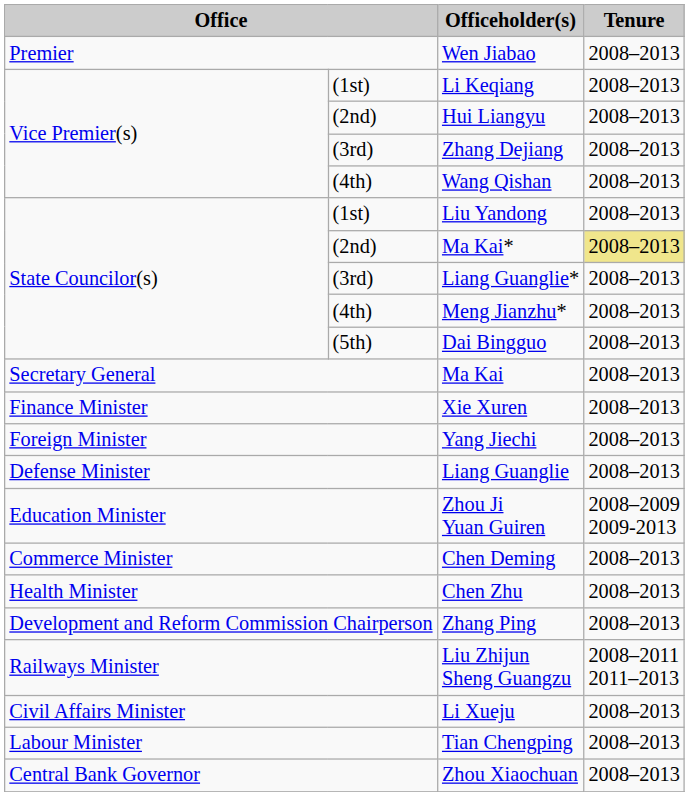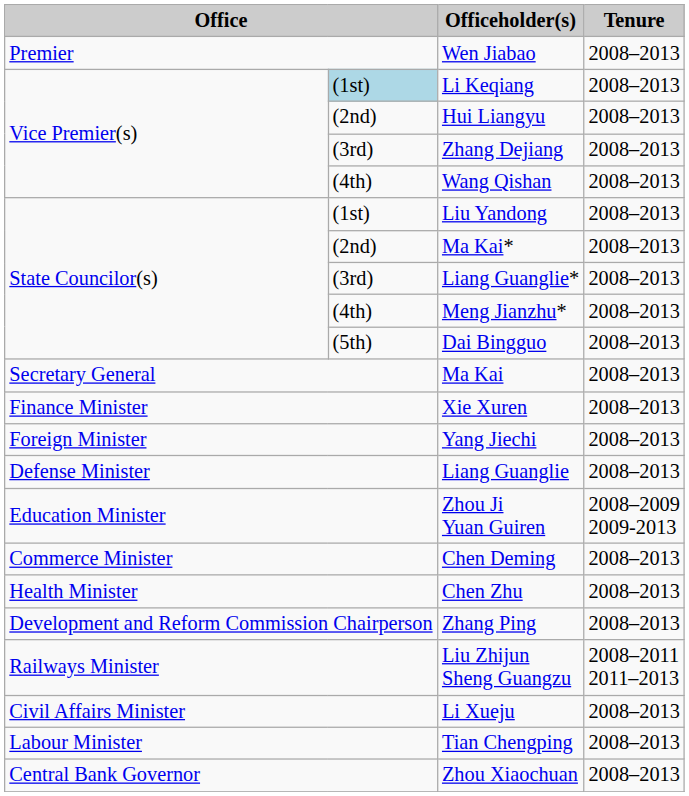 <table class="wikitable">
 <tr>
 <th style="background:#ccc;" colspan="2">Office</th>
 <th style="background:#ccc;">Officeholder(s)</th>
 <th style="background:#ccc;">Tenure</th>
 </tr>
 <tr>
 <td colspan="2"><a href='#'>Premier</a></td>
 <td><a href='#'>Wen Jiabao</a></td>
 <td>2008–2013</td>
 </tr>
 <tr>
 <td rowspan="4"><a href='#'>Vice Premier</a>(s)</td>
-<td>(1st)</td>
+<td style="background: lightblue;">(1st)</td>
 <td><a href='#'>Li Keqiang</a></td>
 <td>2008–2013</td>
 </tr>
 <tr>
 <td>(2nd)</td>
 <td><a href='#'>Hui Liangyu</a></td>
 <td>2008–2013</td>
 </tr>
 <tr>
 <td>(3rd)</td>
 <td><a href='#'>Zhang Dejiang</a></td>
 <td>2008–2013</td>
 </tr>
 <tr>
 <td>(4th)</td>
 <td><a href='#'>Wang Qishan</a></td>
 <td>2008–2013</td>
 </tr>
 <tr>
 <td rowspan="5"><a href='#'>State Councilor</a>(s)</td>
 <td>(1st)</td>
 <td><a href='#'>Liu Yandong</a></td>
 <td>2008–2013</td>
 </tr>
 <tr>
 <td>(2nd)</td>
 <td><a href='#'>Ma Kai</a>*</td>
-<td style="background: khaki;">2008–2013</td>
+<td>2008–2013</td>
 </tr>
 <tr>
 <td>(3rd)</td>
 <td><a href='#'>Liang Guanglie</a>*</td>
 <td>2008–2013</td>
 </tr>
 <tr>
 <td>(4th)</td>
 <td><a href='#'>Meng Jianzhu</a>*</td>
 <td>2008–2013</td>
 </tr>
 <tr>
 <td>(5th)</td>
 <td><a href='#'>Dai Bingguo</a></td>
 <td>2008–2013</td>
 </tr>
 <tr>
 <td colspan="2"><a href='#'>Secretary General</a></td>
 <td><a href='#'>Ma Kai</a></td>
 <td>2008–2013</td>
 </tr>
 <tr>
 <td colspan="2"><a href='#'>Finance Minister</a></td>
 <td><a href='#'>Xie Xuren</a></td>
 <td>2008–2013</td>
 </tr>
 <tr>
 <td colspan="2"><a href='#'>Foreign Minister</a></td>
 <td><a href='#'>Yang Jiechi</a></td>
 <td>2008–2013</td>
 </tr>
 <tr>
 <td colspan="2"><a href='#'>Defense Minister</a></td>
 <td><a href='#'>Liang Guanglie</a></td>
 <td>2008–2013</td>
 </tr>
 <tr>
 <td colspan="2"><a href='#'>Education Minister</a></td>
 <td><a href='#'>Zhou Ji</a><br><a href='#'>Yuan Guiren</a></td>
 <td>2008–2009<br>2009-2013</td>
 </tr>
 <tr>
 <td colspan="2"><a href='#'>Commerce Minister</a></td>
 <td><a href='#'>Chen Deming</a></td>
 <td>2008–2013</td>
 </tr>
 <tr>
 <td colspan="2"><a href='#'>Health Minister</a></td>
 <td><a href='#'>Chen Zhu</a></td>
 <td>2008–2013</td>
 </tr>
 <tr>
 <td colspan="2"><a href='#'>Development and Reform Commission Chairperson</a></td>
 <td><a href='#'>Zhang Ping</a></td>
 <td>2008–2013</td>
 </tr>
 <tr>
 <td colspan="2"><a href='#'>Railways Minister</a></td>
 <td><a href='#'>Liu Zhijun</a><br><a href='#'>Sheng Guangzu</a></td>
 <td>2008–2011<br>2011–2013</td>
 </tr>
 <tr>
 <td colspan="2"><a href='#'>Civil Affairs Minister</a></td>
 <td><a href='#'>Li Xueju</a></td>
 <td>2008–2013</td>
 </tr>
 <tr>
 <td colspan="2"><a href='#'>Labour Minister</a></td>
 <td><a href='#'>Tian Chengping</a></td>
 <td>2008–2013</td>
 </tr>
 <tr>
 <td colspan="2"><a href='#'>Central Bank Governor</a></td>
 <td><a href='#'>Zhou Xiaochuan</a></td>
 <td>2008–2013</td>
 </tr>
 <tr>
 </tr>
 </table>
